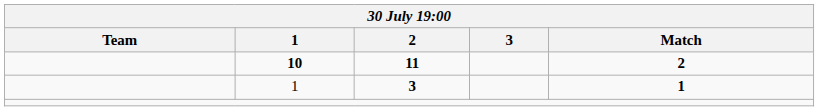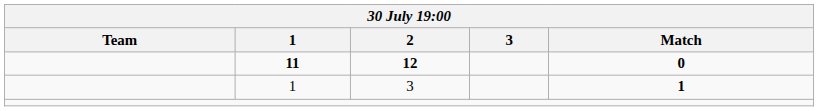 <table class=wikitable style="text-align:center; width: 55%">
 <tr>
 <th colspan=10><em>30 July 19:00</em></th>
 </tr>
 <tr>
 <th>Team</th>
 <th>1</th>
 <th>2</th>
 <th>3</th>
 <th>Match</th>
 </tr>
 <tr>
 <td align=left><strong><br></strong></td>
-<td><strong>10</strong></td>
 <td><strong>11</strong></td>
+<td><strong>12</strong></td>
 <td></td>
-<td><strong>2</strong></td>
+<td><strong>0</strong></td>
 </tr>
 <tr>
 <td align=left><br></td>
 <td>1</td>
-<td><strong>3</strong></td>
+<td>3</td>
 <td></td>
 <td><strong>1</strong></td>
 </tr>
 <tr>
 <td colspan=10></td>
 </tr>
 </table>
